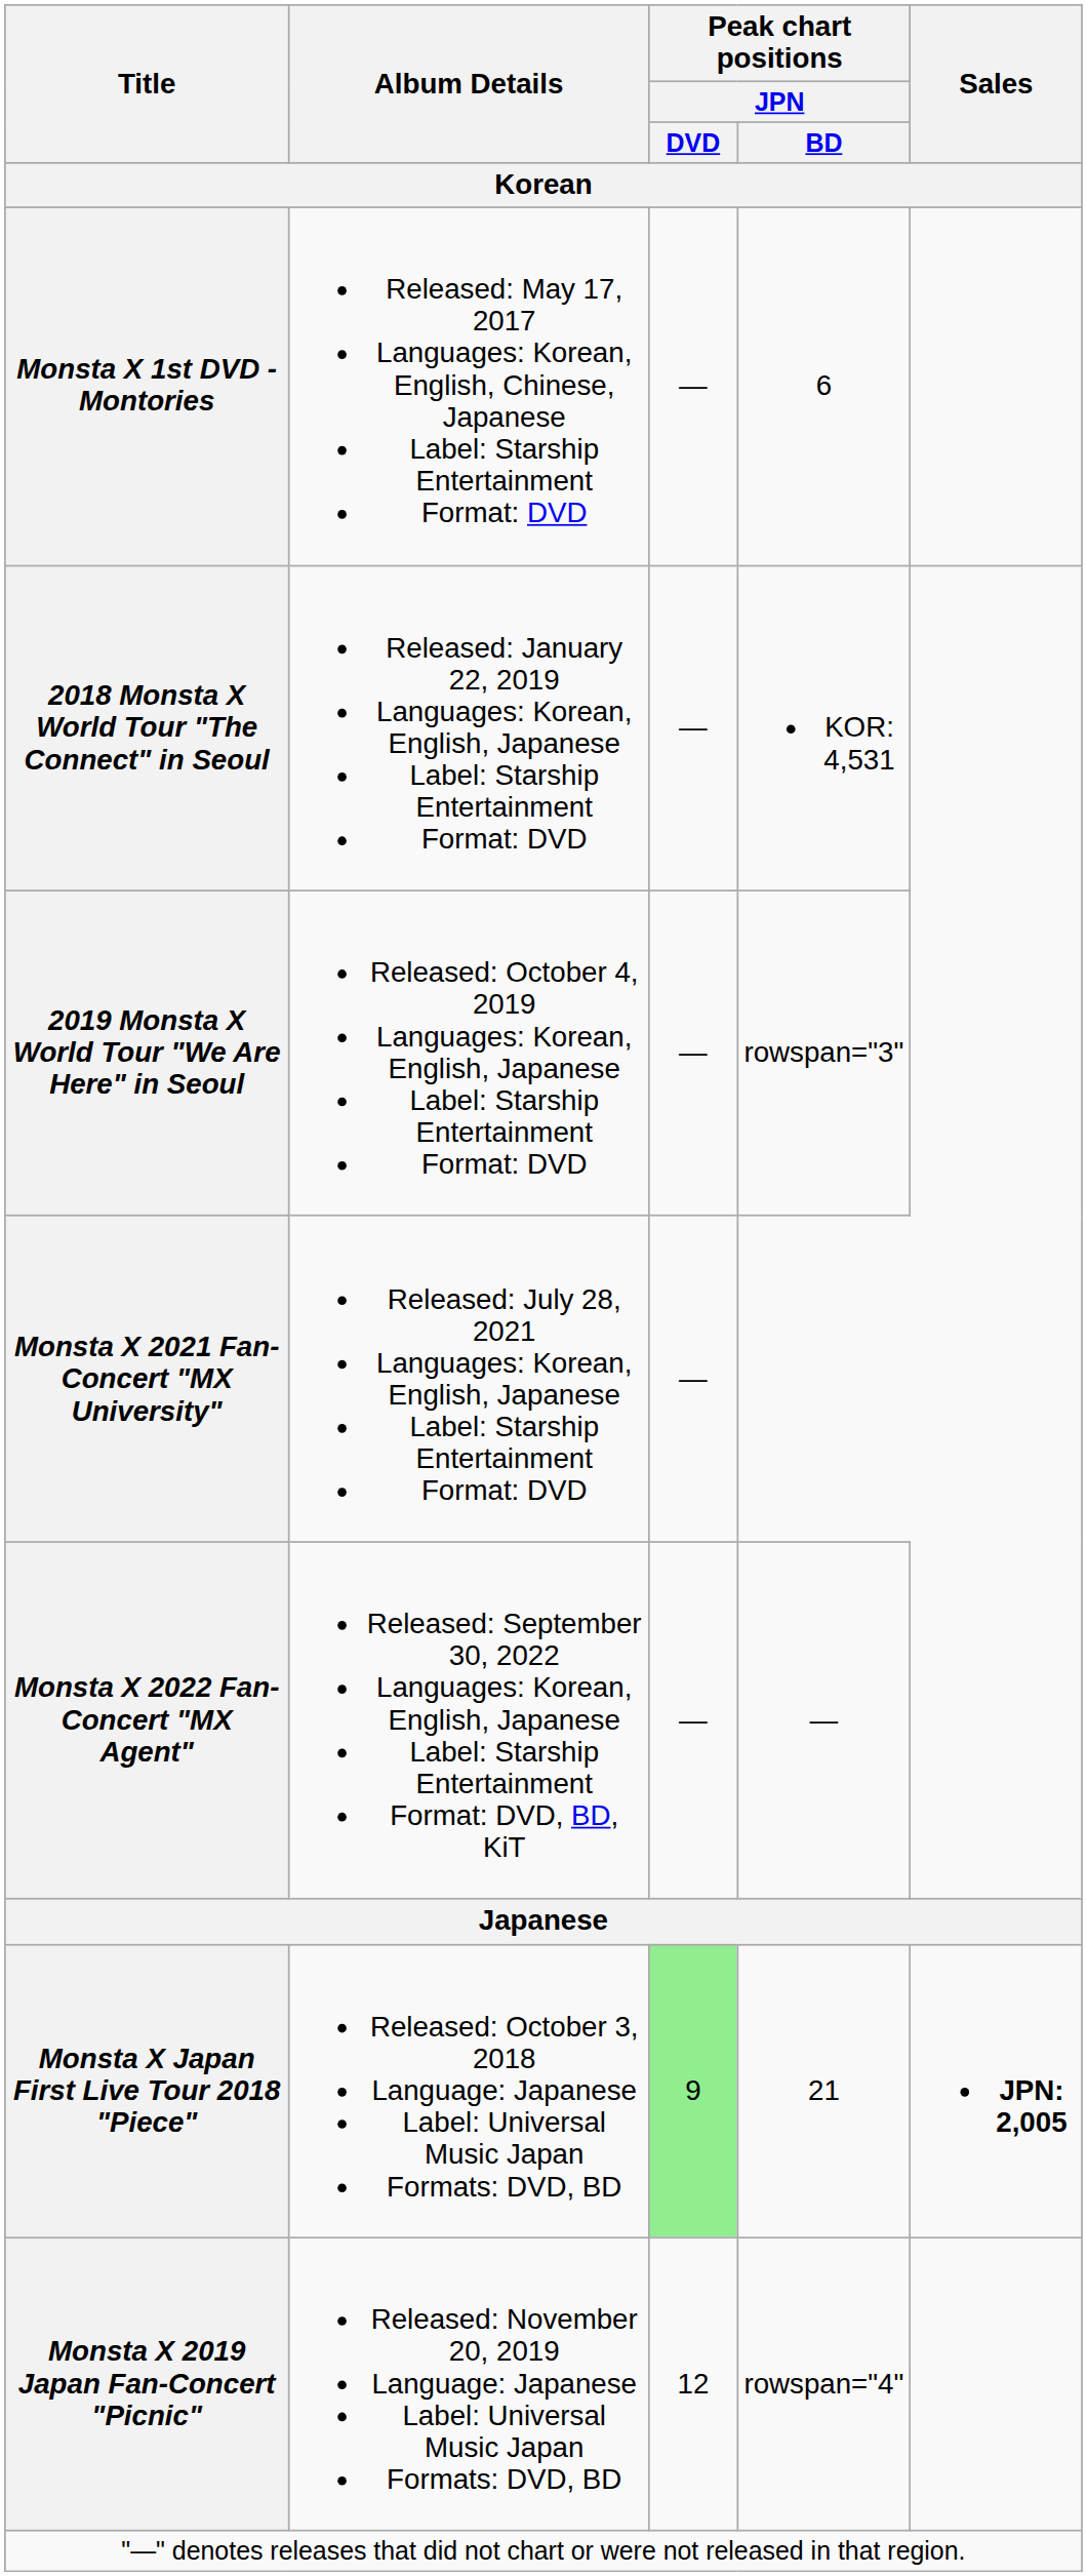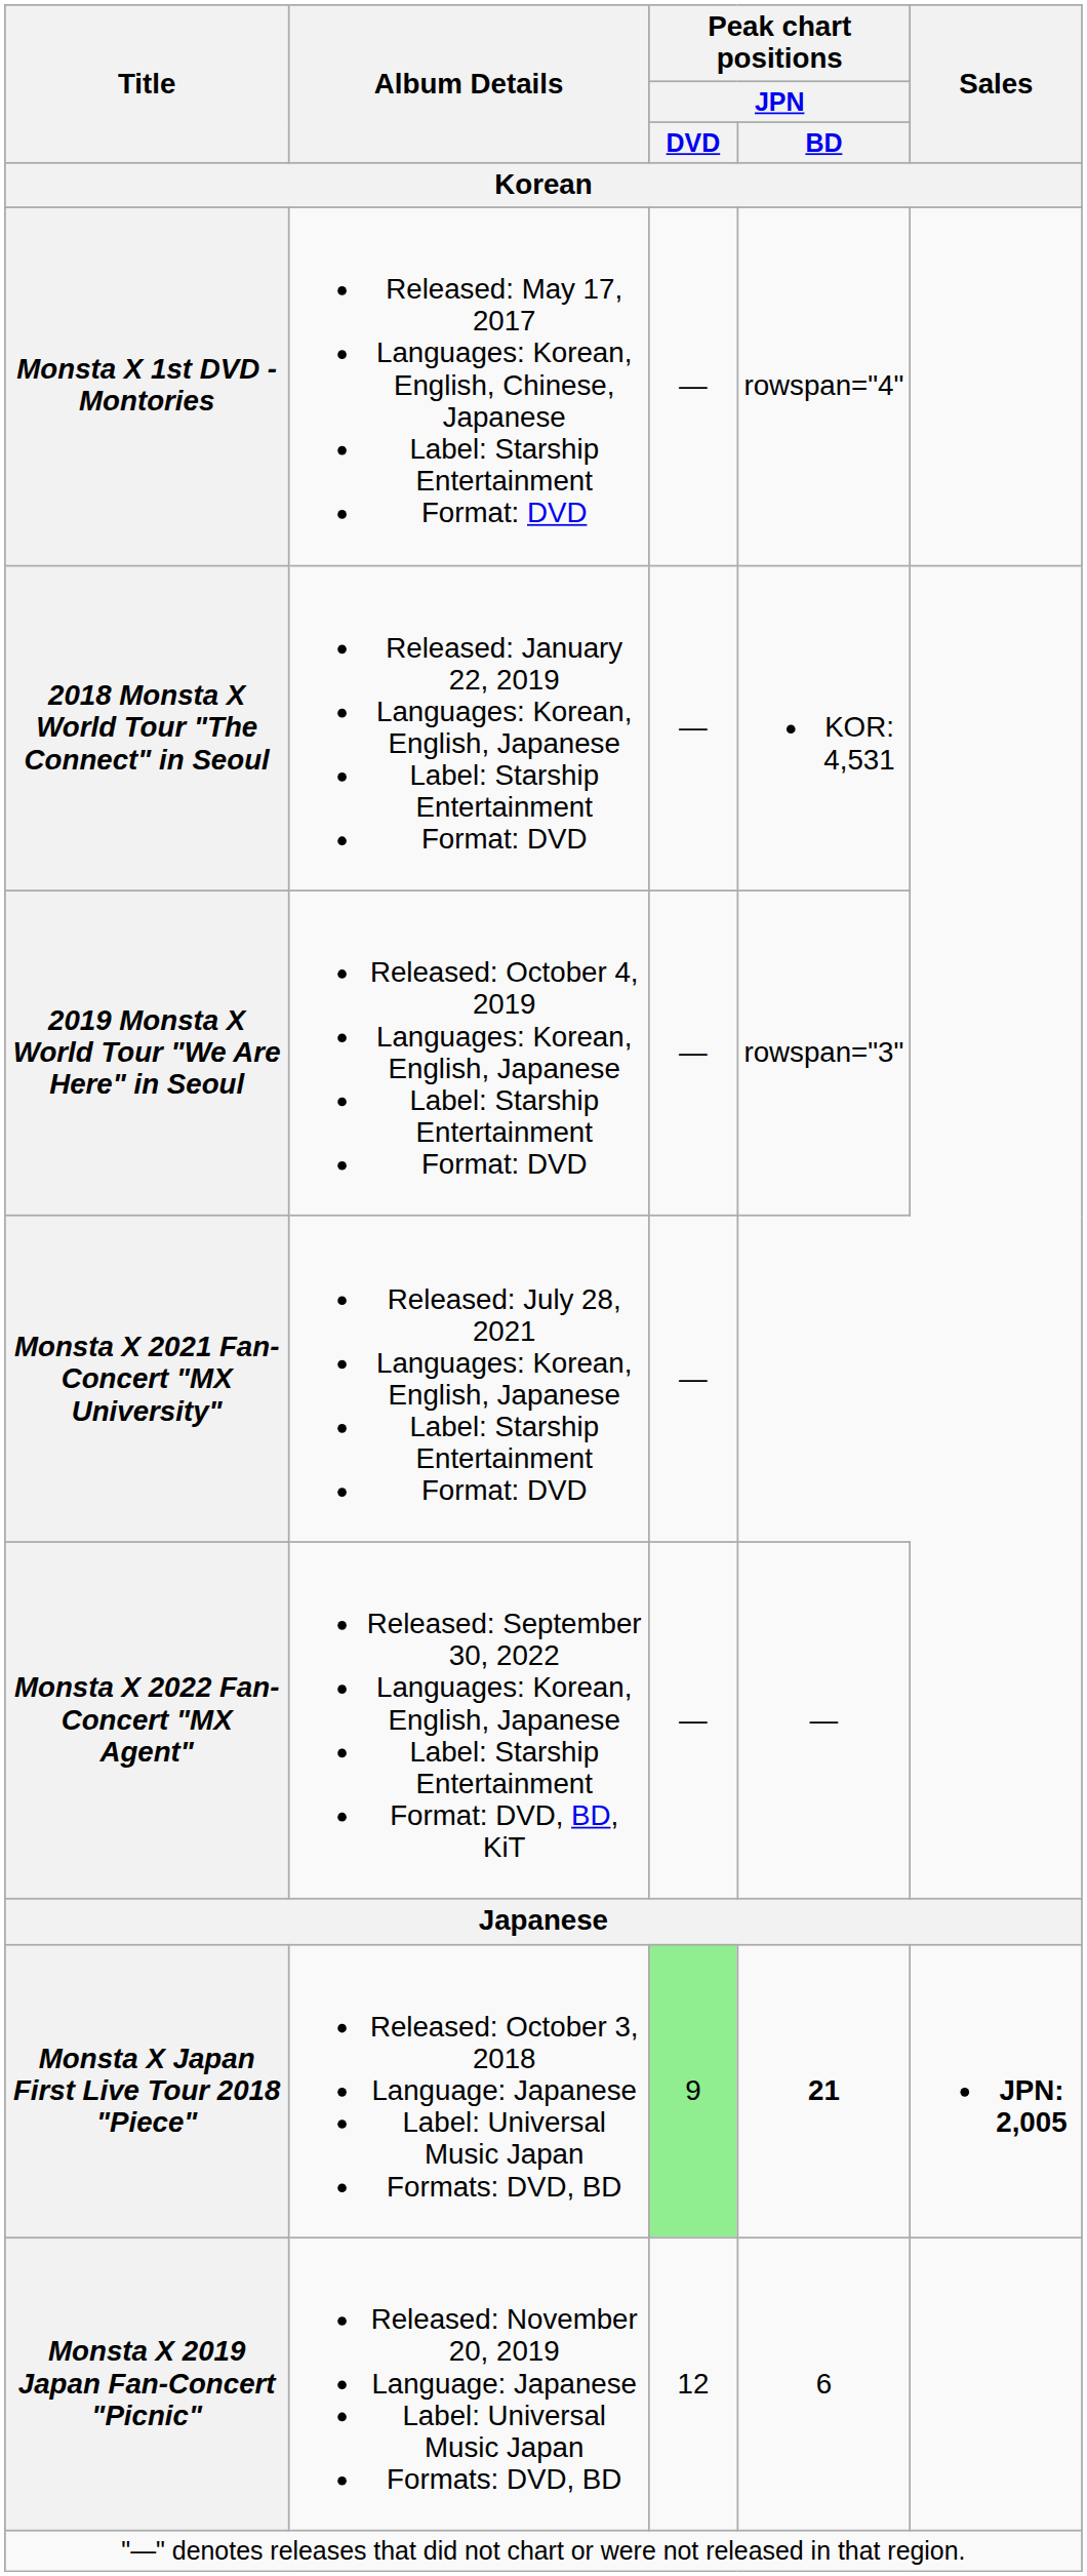 <table class="wikitable plainrowheaders" style="text-align:center;">
 <tr>
 <th scope="col" rowspan="3">Title</th>
 <th scope="col" rowspan="3">Album Details</th>
 <th scope="col" colspan="2">Peak chart positions</th>
 <th scope="col" rowspan="3">Sales</th>
 </tr>
 <tr>
 <th scope="col" colspan="2" style="width:3em;font-size:90%;"><a href='#'>JPN</a></th>
 </tr>
 <tr>
 <th scope="col" style="width:3em;font-size:90%;"><a href='#'>DVD</a><br></th>
 <th scope="col" style="width:3em;font-size:90%;"><a href='#'>BD</a><br></th>
 </tr>
 <tr>
 <th colspan="5">Korean</th>
 </tr>
 <tr>
 <th scope="row"><em>Monsta X 1st DVD - Montories</em></th>
 <td><br><ul><li>Released: May 17, 2017</li><li>Languages: Korean, English, Chinese, Japanese</li><li>Label: Starship Entertainment</li><li>Format: <a href='#'>DVD</a></li></ul></td>
 <td>—</td>
-<td>6</td>
+<td>rowspan="4" </td>
 <td></td>
 </tr>
 <tr>
 <th scope="row"><em>2018 Monsta X World Tour "The Connect" in Seoul</em></th>
 <td><br><ul><li>Released: January 22, 2019</li><li>Languages: Korean, English, Japanese</li><li>Label: Starship Entertainment</li><li>Format: DVD</li></ul></td>
 <td>—</td>
 <td><br><ul><li>KOR: 4,531</li></ul></td>
 </tr>
 <tr>
 <th scope="row"><em>2019 Monsta X World Tour "We Are Here" in Seoul</em></th>
 <td><br><ul><li>Released: October 4, 2019</li><li>Languages: Korean, English, Japanese</li><li>Label: Starship Entertainment</li><li>Format: DVD</li></ul></td>
 <td>—</td>
 <td>rowspan="3" </td>
 </tr>
 <tr>
 <th scope="row"><em>Monsta X 2021 Fan-Concert "MX University"</em></th>
 <td><br><ul><li>Released: July 28, 2021</li><li>Languages: Korean, English, Japanese</li><li>Label: Starship Entertainment</li><li>Format: DVD</li></ul></td>
 <td>—</td>
 </tr>
 <tr>
 <th scope="row"><em>Monsta X 2022 Fan-Concert "MX Agent"</em></th>
 <td><br><ul><li>Released: September 30, 2022</li><li>Languages: Korean, English, Japanese</li><li>Label: Starship Entertainment</li><li>Format: DVD, <a href='#'>BD</a>, KiT</li></ul></td>
 <td>—</td>
 <td>—</td>
 </tr>
 <tr>
 <th colspan="5">Japanese</th>
 </tr>
 <tr>
 <th scope="row"><em>Monsta X Japan First Live Tour 2018 "Piece"</em></th>
 <td><br><ul><li>Released: October 3, 2018</li><li>Language: Japanese</li><li>Label: Universal Music Japan</li><li>Formats: DVD, BD</li></ul></td>
 <td style="background: lightgreen;">9</td>
-<td>21</td>
+<td><strong>21</strong></td>
 <td><strong><br><ul><li>JPN: 2,005</li></ul></strong></td>
 </tr>
 <tr>
 <th scope="row"><em>Monsta X 2019 Japan Fan-Concert "Picnic"</em></th>
 <td><br><ul><li>Released: November 20, 2019</li><li>Language: Japanese</li><li>Label: Universal Music Japan</li><li>Formats: DVD, BD</li></ul></td>
 <td>12</td>
-<td>rowspan="4" </td>
+<td>6</td>
 <td></td>
 </tr>
 <tr>
 <td colspan="6" style="font-size:90%">"—" denotes releases that did not chart or were not released in that region.</td>
 </tr>
 </table>
